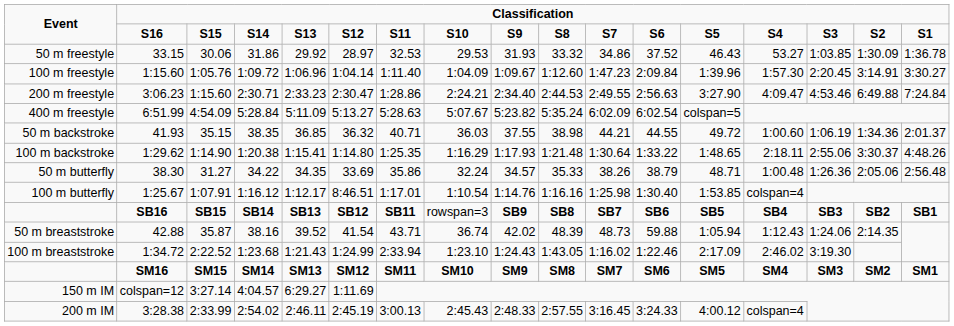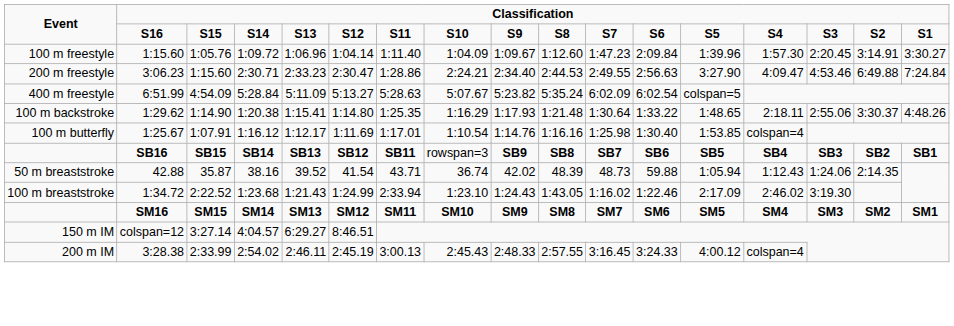 <table class="wikitable" style="text-align:right">
 <tr>
 <td align="center" rowspan="2"><strong>Event</strong></td>
 <td align="center" colspan="16"><strong>Classification</strong></td>
 </tr>
 <tr>
 <td align="center"><strong>S16</strong></td>
 <td align="center"><strong>S15</strong></td>
 <td align="center"><strong>S14</strong></td>
 <td align="center"><strong>S13</strong></td>
 <td align="center"><strong>S12</strong></td>
 <td align="center"><strong>S11</strong></td>
 <td align="center"><strong>S10</strong></td>
 <td align="center"><strong>S9</strong></td>
 <td align="center"><strong>S8</strong></td>
 <td align="center"><strong>S7</strong></td>
 <td align="center"><strong>S6</strong></td>
 <td align="center"><strong>S5</strong></td>
 <td align="center"><strong>S4</strong></td>
 <td align="center"><strong>S3</strong></td>
 <td align="center"><strong>S2</strong></td>
 <td align="center"><strong>S1</strong></td>
-</tr>
-<tr>
-<td>50 m freestyle</td>
-<td>33.15</td>
-<td>30.06</td>
-<td>31.86</td>
-<td>29.92</td>
-<td>28.97</td>
-<td>32.53</td>
-<td>29.53</td>
-<td>31.93</td>
-<td>33.32</td>
-<td>34.86</td>
-<td>37.52</td>
-<td>46.43</td>
-<td>53.27</td>
-<td>1:03.85</td>
-<td>1:30.09</td>
-<td>1:36.78</td>
 </tr>
 <tr>
 <td>100 m freestyle</td>
 <td>1:15.60</td>
 <td>1:05.76</td>
 <td>1:09.72</td>
 <td>1:06.96</td>
 <td>1:04.14</td>
 <td>1:11.40</td>
 <td>1:04.09</td>
 <td>1:09.67</td>
 <td>1:12.60</td>
 <td>1:47.23</td>
 <td>2:09.84</td>
 <td>1:39.96</td>
 <td>1:57.30</td>
 <td>2:20.45</td>
 <td>3:14.91</td>
 <td>3:30.27</td>
 </tr>
 <tr>
 <td>200 m freestyle</td>
 <td>3:06.23</td>
 <td>1:15.60</td>
 <td>2:30.71</td>
 <td>2:33.23</td>
 <td>2:30.47</td>
 <td>1:28.86</td>
 <td>2:24.21</td>
 <td>2:34.40</td>
 <td>2:44.53</td>
 <td>2:49.55</td>
 <td>2:56.63</td>
 <td>3:27.90</td>
 <td>4:09.47</td>
 <td>4:53.46</td>
 <td>6:49.88</td>
 <td>7:24.84</td>
 </tr>
 <tr>
 <td>400 m freestyle</td>
 <td>6:51.99</td>
 <td>4:54.09</td>
 <td>5:28.84</td>
 <td>5:11.09</td>
 <td>5:13.27</td>
 <td>5:28.63</td>
 <td>5:07.67</td>
 <td>5:23.82</td>
 <td>5:35.24</td>
 <td>6:02.09</td>
 <td>6:02.54</td>
 <td>colspan=5 </td>
 </tr>
 <tr>
-<td>50 m backstroke</td>
-<td>41.93</td>
-<td>35.15</td>
-<td>38.35</td>
-<td>36.85</td>
-<td>36.32</td>
-<td>40.71</td>
-<td>36.03</td>
-<td>37.55</td>
-<td>38.98</td>
-<td>44.21</td>
-<td>44.55</td>
-<td>49.72</td>
-<td>1:00.60</td>
-<td>1:06.19</td>
-<td>1:34.36</td>
-<td>2:01.37</td>
-</tr>
-<tr>
 <td>100 m backstroke</td>
 <td>1:29.62</td>
 <td>1:14.90</td>
 <td>1:20.38</td>
 <td>1:15.41</td>
 <td>1:14.80</td>
 <td>1:25.35</td>
 <td>1:16.29</td>
 <td>1:17.93</td>
 <td>1:21.48</td>
 <td>1:30.64</td>
 <td>1:33.22</td>
 <td>1:48.65</td>
 <td>2:18.11</td>
 <td>2:55.06</td>
 <td>3:30.37</td>
 <td>4:48.26</td>
 </tr>
 <tr>
-<td>50 m butterfly</td>
-<td>38.30</td>
-<td>31.27</td>
-<td>34.22</td>
-<td>34.35</td>
-<td>33.69</td>
-<td>35.86</td>
-<td>32.24</td>
-<td>34.57</td>
-<td>35.33</td>
-<td>38.26</td>
-<td>38.79</td>
-<td>48.71</td>
-<td>1:00.48</td>
-<td>1:26.36</td>
-<td>2:05.06</td>
-<td>2:56.48</td>
-</tr>
-<tr>
 <td>100 m butterfly</td>
 <td>1:25.67</td>
 <td>1:07.91</td>
 <td>1:16.12</td>
 <td>1:12.17</td>
-<td>8:46.51</td>
+<td>1:11.69</td>
 <td>1:17.01</td>
 <td>1:10.54</td>
 <td>1:14.76</td>
 <td>1:16.16</td>
 <td>1:25.98</td>
 <td>1:30.40</td>
 <td>1:53.85</td>
 <td>colspan=4 </td>
 </tr>
 <tr>
 <td></td>
 <td align="center"><strong>SB16</strong></td>
 <td align="center"><strong>SB15</strong></td>
 <td align="center"><strong>SB14</strong></td>
 <td align="center"><strong>SB13</strong></td>
 <td align="center"><strong>SB12</strong></td>
 <td align="center"><strong>SB11</strong></td>
 <td>rowspan=3 </td>
 <td align="center"><strong>SB9</strong></td>
 <td align="center"><strong>SB8</strong></td>
 <td align="center"><strong>SB7</strong></td>
 <td align="center"><strong>SB6</strong></td>
 <td align="center"><strong>SB5</strong></td>
 <td align="center"><strong>SB4</strong></td>
 <td align="center"><strong>SB3</strong></td>
 <td align="center"><strong>SB2</strong></td>
 <td align="center"><strong>SB1</strong></td>
 </tr>
 <tr>
 <td>50 m breaststroke</td>
 <td>42.88</td>
 <td>35.87</td>
 <td>38.16</td>
 <td>39.52</td>
 <td>41.54</td>
 <td>43.71</td>
 <td>36.74</td>
 <td>42.02</td>
 <td>48.39</td>
 <td>48.73</td>
 <td>59.88</td>
 <td>1:05.94</td>
 <td>1:12.43</td>
 <td>1:24.06</td>
 <td>2:14.35</td>
 </tr>
 <tr>
 <td>100 m breaststroke</td>
 <td>1:34.72</td>
 <td>2:22.52</td>
 <td>1:23.68</td>
 <td>1:21.43</td>
 <td>1:24.99</td>
 <td>2:33.94</td>
 <td>1:23.10</td>
 <td>1:24.43</td>
 <td>1:43.05</td>
 <td>1:16.02</td>
 <td>1:22.46</td>
 <td>2:17.09</td>
 <td>2:46.02</td>
 <td>3:19.30</td>
 <td></td>
 </tr>
 <tr>
 <td></td>
 <td align="center"><strong>SM16</strong></td>
 <td align="center"><strong>SM15</strong></td>
 <td align="center"><strong>SM14</strong></td>
 <td align="center"><strong>SM13</strong></td>
 <td align="center"><strong>SM12</strong></td>
 <td align="center"><strong>SM11</strong></td>
 <td align="center"><strong>SM10</strong></td>
 <td align="center"><strong>SM9</strong></td>
 <td align="center"><strong>SM8</strong></td>
 <td align="center"><strong>SM7</strong></td>
 <td align="center"><strong>SM6</strong></td>
 <td align="center"><strong>SM5</strong></td>
 <td align="center"><strong>SM4</strong></td>
 <td align="center"><strong>SM3</strong></td>
 <td align="center"><strong>SM2</strong></td>
 <td align="center"><strong>SM1</strong></td>
 </tr>
 <tr>
 <td>150 m IM</td>
 <td>colspan=12 </td>
 <td>3:27.14</td>
 <td>4:04.57</td>
 <td>6:29.27</td>
-<td>1:11.69</td>
+<td>8:46.51</td>
 </tr>
 <tr>
 <td>200 m IM</td>
 <td>3:28.38</td>
 <td>2:33.99</td>
 <td>2:54.02</td>
 <td>2:46.11</td>
 <td>2:45.19</td>
 <td>3:00.13</td>
 <td>2:45.43</td>
 <td>2:48.33</td>
 <td>2:57.55</td>
 <td>3:16.45</td>
 <td>3:24.33</td>
 <td>4:00.12</td>
 <td>colspan=4 </td>
 </tr>
 </table>
